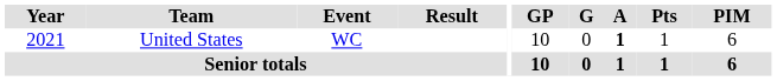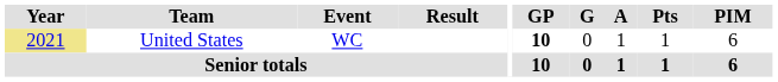 <table border="0" cellpadding="1" cellspacing="0" ID="Table3" style="text-align:center; width:40em">
 <tr ALIGN="center" bgcolor="#e0e0e0">
 <th>Year</th>
 <th>Team</th>
 <th>Event</th>
 <th>Result</th>
 <th rowspan="99" bgcolor="#ffffff"></th>
 <th>GP</th>
 <th>G</th>
 <th>A</th>
 <th>Pts</th>
 <th>PIM</th>
 </tr>
 <tr>
-<td><a href='#'>2021</a></td>
+<td style="background: khaki;"><a href='#'>2021</a></td>
 <td><a href='#'>United States</a></td>
 <td><a href='#'>WC</a></td>
 <td></td>
-<td>10</td>
+<td><strong>10</strong></td>
 <td>0</td>
-<td><strong>1</strong></td>
+<td>1</td>
 <td>1</td>
 <td>6</td>
 </tr>
 <tr bgcolor="#e0e0e0">
 <th colspan="4">Senior totals</th>
 <th>10</th>
 <th>0</th>
 <th>1</th>
 <th>1</th>
 <th>6</th>
 </tr>
 </table>
